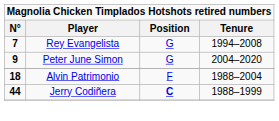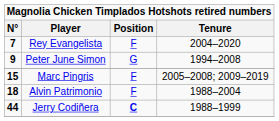 <table class="wikitable sortable" style="text-align:center">
 <tr>
 <td colspan="4"><strong>Magnolia Chicken Timplados Hotshots retired numbers</strong></td>
 </tr>
 <tr>
 <th>N°</th>
 <th>Player</th>
 <th>Position</th>
 <th>Tenure</th>
 </tr>
 <tr>
 <td><strong>7</strong></td>
 <td><a href='#'>Rey Evangelista</a></td>
-<td><a href='#'>G</a></td>
-<td>1994–2008</td>
+<td><a href='#'>F</a></td>
+<td>2004–2020</td>
 </tr>
 <tr>
 <td><strong>9</strong></td>
 <td><a href='#'>Peter June Simon</a></td>
 <td><a href='#'>G</a></td>
-<td>2004–2020</td>
+<td>1994–2008</td>
 </tr>
 <tr>
+</tr>
+<tr>
+<td><strong>15</strong></td>
+<td><a href='#'>Marc Pingris</a></td>
+<td><a href='#'>F</a></td>
+<td>2005–2008; 2009–2019</td>
 </tr>
 <tr>
 <td><strong>18</strong></td>
 <td><a href='#'>Alvin Patrimonio</a></td>
 <td><a href='#'>F</a></td>
 <td>1988–2004</td>
 </tr>
 <tr>
 <td><strong>44</strong></td>
 <td><a href='#'>Jerry Codiñera</a></td>
 <td><strong><a href='#'>C</a></strong></td>
 <td>1988–1999</td>
 </tr>
 <tr>
 </tr>
 </table>
